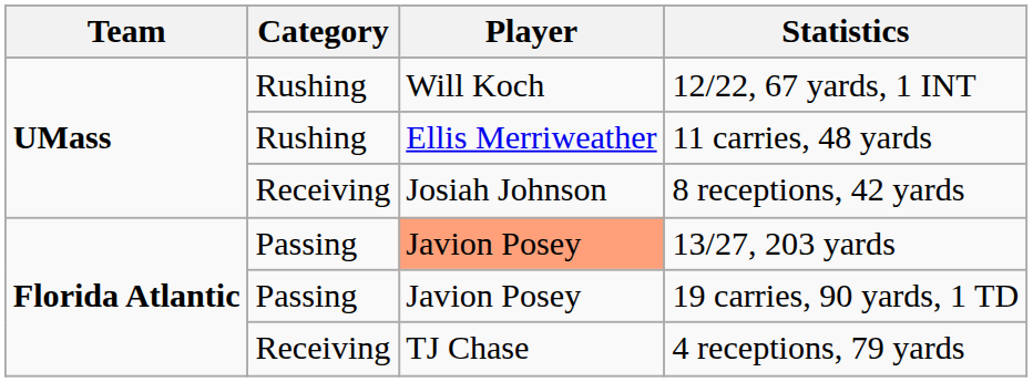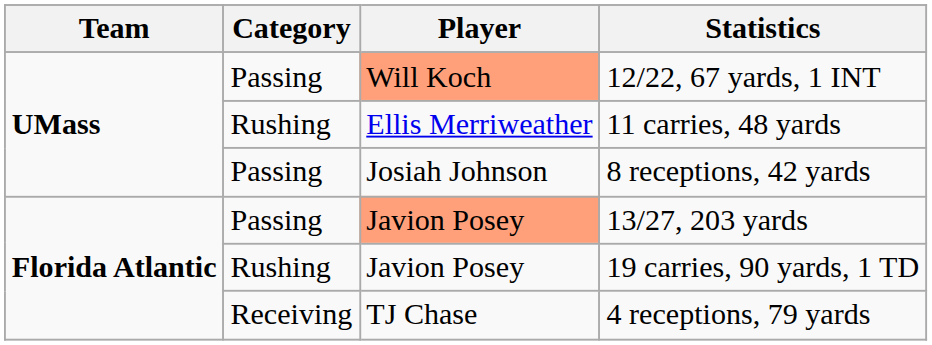 <table class="wikitable" style="float: left;">
 <tr>
 <th>Team</th>
 <th>Category</th>
 <th>Player</th>
 <th>Statistics</th>
 </tr>
 <tr>
 <td rowspan=3><strong>UMass</strong></td>
-<td>Rushing</td>
-<td>Will Koch</td>
+<td>Passing</td>
+<td style="background: lightsalmon;">Will Koch</td>
 <td>12/22, 67 yards, 1 INT</td>
 </tr>
 <tr>
 <td>Rushing</td>
 <td><a href='#'>Ellis Merriweather</a></td>
 <td>11 carries, 48 yards</td>
 </tr>
 <tr>
-<td>Receiving</td>
+<td>Passing</td>
 <td>Josiah Johnson</td>
 <td>8 receptions, 42 yards</td>
 </tr>
 <tr>
 <td rowspan=3><strong>Florida Atlantic</strong></td>
 <td>Passing</td>
 <td style="background: lightsalmon;">Javion Posey</td>
 <td>13/27, 203 yards</td>
 </tr>
 <tr>
-<td>Passing</td>
+<td>Rushing</td>
 <td>Javion Posey</td>
 <td>19 carries, 90 yards, 1 TD</td>
 </tr>
 <tr>
 <td>Receiving</td>
 <td>TJ Chase</td>
 <td>4 receptions, 79 yards</td>
 </tr>
 </table>
